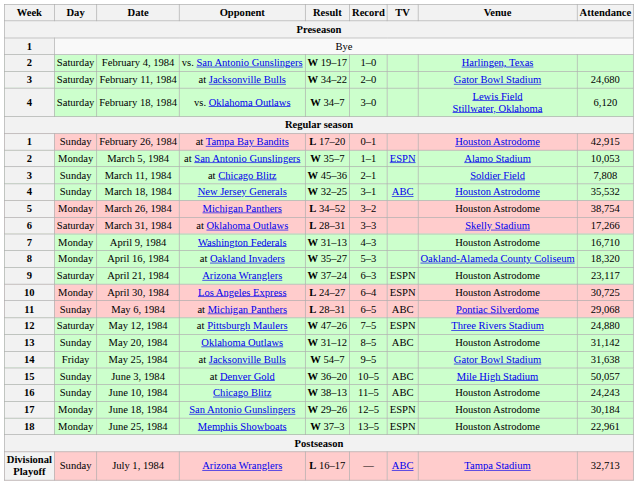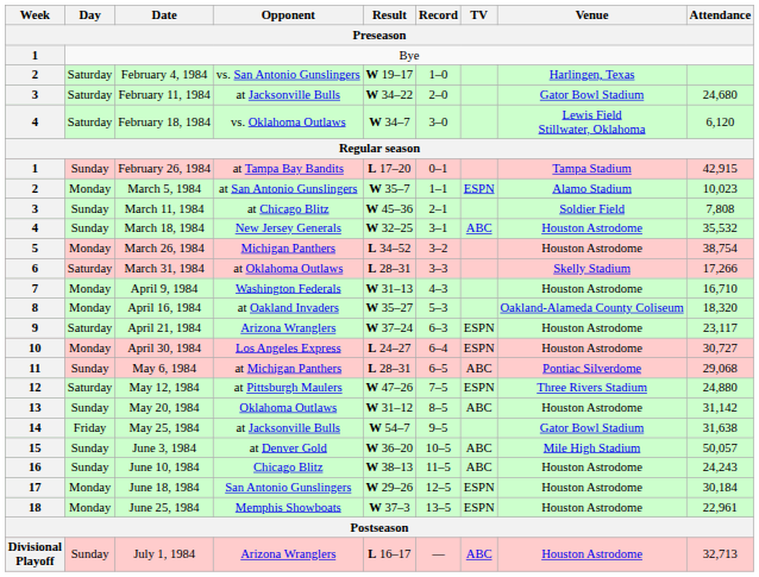 <table class="wikitable" style="text-align:center">
 <tr>
 <th>Week</th>
 <th>Day</th>
 <th>Date</th>
 <th>Opponent</th>
 <th>Result</th>
 <th>Record</th>
 <th>TV</th>
 <th>Venue</th>
 <th>Attendance</th>
 </tr>
 <tr>
 <th colspan="9">Preseason</th>
 </tr>
 <tr>
 <th>1</th>
 <td colspan=8>Bye</td>
 </tr>
 <tr style="background:#cfc">
 <th>2</th>
 <td>Saturday</td>
 <td>February 4, 1984</td>
 <td>vs. <a href='#'>San Antonio Gunslingers</a></td>
 <td><strong>W</strong> 19–17</td>
 <td>1–0</td>
 <td></td>
 <td><a href='#'>Harlingen, Texas</a></td>
 <td></td>
 </tr>
 <tr style="background:#cfc">
 <th>3</th>
 <td>Saturday</td>
 <td>February 11, 1984</td>
 <td>at <a href='#'>Jacksonville Bulls</a></td>
 <td><strong>W</strong> 34–22</td>
 <td>2–0</td>
 <td></td>
 <td><a href='#'>Gator Bowl Stadium</a></td>
 <td>24,680</td>
 </tr>
 <tr style="background:#cfc">
 <th>4</th>
 <td>Saturday</td>
 <td>February 18, 1984</td>
 <td>vs. <a href='#'>Oklahoma Outlaws</a></td>
 <td><strong>W</strong> 34–7</td>
 <td>3–0</td>
 <td></td>
 <td><a href='#'>Lewis Field</a><br><a href='#'>Stillwater, Oklahoma</a></td>
 <td>6,120</td>
 </tr>
 <tr>
 <th colspan="9">Regular season</th>
 </tr>
 <tr style="background:#fcc">
 <th>1</th>
 <td>Sunday</td>
 <td>February 26, 1984</td>
 <td>at <a href='#'>Tampa Bay Bandits</a></td>
 <td><strong>L</strong> 17–20</td>
 <td>0–1</td>
 <td></td>
-<td><a href='#'>Houston Astrodome</a></td>
+<td><a href='#'>Tampa Stadium</a></td>
 <td>42,915</td>
 </tr>
 <tr style="background:#cfc">
 <th>2</th>
 <td>Monday</td>
 <td>March 5, 1984</td>
 <td>at <a href='#'>San Antonio Gunslingers</a></td>
 <td><strong>W</strong> 35–7</td>
 <td>1–1</td>
 <td><a href='#'>ESPN</a></td>
 <td><a href='#'>Alamo Stadium</a></td>
-<td>10,053</td>
+<td>10,023</td>
 </tr>
 <tr style="background:#cfc">
 <th>3</th>
 <td>Sunday</td>
 <td>March 11, 1984</td>
 <td>at <a href='#'>Chicago Blitz</a></td>
 <td><strong>W</strong> 45–36</td>
 <td>2–1</td>
 <td></td>
 <td><a href='#'>Soldier Field</a></td>
 <td>7,808</td>
 </tr>
 <tr style="background:#cfc">
 <th>4</th>
 <td>Sunday</td>
 <td>March 18, 1984</td>
 <td><a href='#'>New Jersey Generals</a></td>
 <td><strong>W</strong> 32–25</td>
 <td>3–1</td>
 <td><a href='#'>ABC</a></td>
 <td><a href='#'>Houston Astrodome</a></td>
 <td>35,532</td>
 </tr>
 <tr style="background:#fcc">
 <th>5</th>
 <td>Monday</td>
 <td>March 26, 1984</td>
 <td><a href='#'>Michigan Panthers</a></td>
 <td><strong>L</strong> 34–52</td>
 <td>3–2</td>
 <td></td>
 <td>Houston Astrodome</td>
 <td>38,754</td>
 </tr>
 <tr style="background:#fcc">
 <th>6</th>
 <td>Saturday</td>
 <td>March 31, 1984</td>
 <td>at <a href='#'>Oklahoma Outlaws</a></td>
 <td><strong>L</strong> 28–31 </td>
 <td>3–3</td>
 <td></td>
 <td><a href='#'>Skelly Stadium</a></td>
 <td>17,266</td>
 </tr>
 <tr style="background:#cfc">
 <th>7</th>
 <td>Monday</td>
 <td>April 9, 1984</td>
 <td><a href='#'>Washington Federals</a></td>
 <td><strong>W</strong> 31–13</td>
 <td>4–3</td>
 <td></td>
 <td>Houston Astrodome</td>
 <td>16,710</td>
 </tr>
 <tr style="background:#cfc">
 <th>8</th>
 <td>Monday</td>
 <td>April 16, 1984</td>
 <td>at <a href='#'>Oakland Invaders</a></td>
 <td><strong>W</strong> 35–27</td>
 <td>5–3</td>
 <td></td>
 <td><a href='#'>Oakland-Alameda County Coliseum</a></td>
 <td>18,320</td>
 </tr>
 <tr style="background:#cfc">
 <th>9</th>
 <td>Saturday</td>
 <td>April 21, 1984</td>
 <td><a href='#'>Arizona Wranglers</a></td>
 <td><strong>W</strong> 37–24</td>
 <td>6–3</td>
 <td>ESPN</td>
 <td>Houston Astrodome</td>
 <td>23,117</td>
 </tr>
 <tr style="background:#fcc">
 <th>10</th>
 <td>Monday</td>
 <td>April 30, 1984</td>
 <td><a href='#'>Los Angeles Express</a></td>
 <td><strong>L</strong> 24–27 </td>
 <td>6–4</td>
 <td>ESPN</td>
 <td>Houston Astrodome</td>
-<td>30,725</td>
+<td>30,727</td>
 </tr>
 <tr style="background:#fcc">
 <th>11</th>
 <td>Sunday</td>
 <td>May 6, 1984</td>
 <td>at <a href='#'>Michigan Panthers</a></td>
 <td><strong>L</strong> 28–31 </td>
 <td>6–5</td>
 <td>ABC</td>
 <td><a href='#'>Pontiac Silverdome</a></td>
 <td>29,068</td>
 </tr>
 <tr style="background:#cfc">
 <th>12</th>
 <td>Saturday</td>
 <td>May 12, 1984</td>
 <td>at <a href='#'>Pittsburgh Maulers</a></td>
 <td><strong>W</strong> 47–26</td>
 <td>7–5</td>
 <td>ESPN</td>
 <td><a href='#'>Three Rivers Stadium</a></td>
 <td>24,880</td>
 </tr>
 <tr style="background:#cfc">
 <th>13</th>
 <td>Sunday</td>
 <td>May 20, 1984</td>
 <td><a href='#'>Oklahoma Outlaws</a></td>
 <td><strong>W</strong> 31–12</td>
 <td>8–5</td>
 <td>ABC</td>
 <td>Houston Astrodome</td>
 <td>31,142</td>
 </tr>
 <tr style="background:#cfc">
 <th>14</th>
 <td>Friday</td>
 <td>May 25, 1984</td>
 <td>at <a href='#'>Jacksonville Bulls</a></td>
 <td><strong>W</strong> 54–7</td>
 <td>9–5</td>
 <td></td>
 <td><a href='#'>Gator Bowl Stadium</a></td>
 <td>31,638</td>
 </tr>
 <tr style="background:#cfc">
 <th>15</th>
 <td>Sunday</td>
 <td>June 3, 1984</td>
 <td>at <a href='#'>Denver Gold</a></td>
 <td><strong>W</strong> 36–20</td>
 <td>10–5</td>
 <td>ABC</td>
 <td><a href='#'>Mile High Stadium</a></td>
 <td>50,057</td>
 </tr>
 <tr style="background:#cfc">
 <th>16</th>
 <td>Sunday</td>
 <td>June 10, 1984</td>
 <td><a href='#'>Chicago Blitz</a></td>
 <td><strong>W</strong> 38–13</td>
 <td>11–5</td>
 <td>ABC</td>
 <td>Houston Astrodome</td>
 <td>24,243</td>
 </tr>
 <tr style="background:#cfc">
 <th>17</th>
 <td>Monday</td>
 <td>June 18, 1984</td>
 <td><a href='#'>San Antonio Gunslingers</a></td>
 <td><strong>W</strong> 29–26</td>
 <td>12–5</td>
 <td>ESPN</td>
 <td>Houston Astrodome</td>
 <td>30,184</td>
 </tr>
 <tr style="background:#cfc">
 <th>18</th>
 <td>Monday</td>
 <td>June 25, 1984</td>
 <td><a href='#'>Memphis Showboats</a></td>
 <td><strong>W</strong> 37–3</td>
 <td>13–5</td>
 <td>ESPN</td>
 <td>Houston Astrodome</td>
 <td>22,961</td>
 </tr>
 <tr>
 <th colspan="9">Postseason</th>
 </tr>
 <tr style="background:#fcc">
 <th>Divisional<br>Playoff</th>
 <td>Sunday</td>
 <td>July 1, 1984</td>
 <td><a href='#'>Arizona Wranglers</a></td>
 <td><strong>L</strong> 16–17</td>
 <td>—</td>
 <td><a href='#'>ABC</a></td>
-<td><a href='#'>Tampa Stadium</a></td>
+<td><a href='#'>Houston Astrodome</a></td>
 <td>32,713</td>
 </tr>
 </table>
